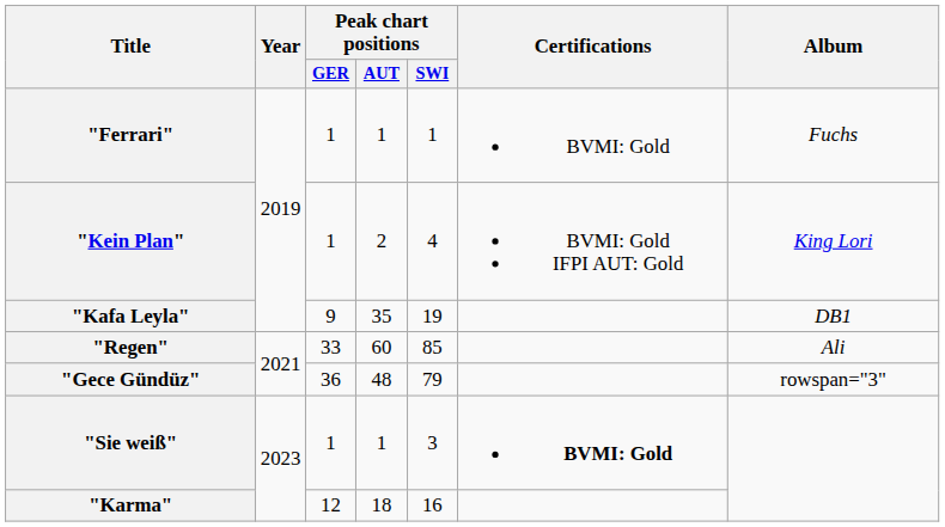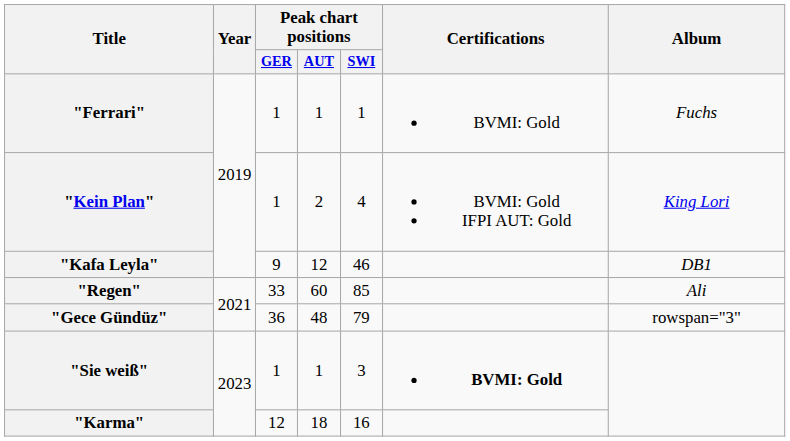 <table class="wikitable plainrowheaders" style="text-align:center;">
 <tr>
 <th scope="col" rowspan="2" style="width:12em;">Title</th>
 <th scope="col" rowspan="2" style="width:1em;">Year</th>
 <th scope="col" colspan="3">Peak chart positions</th>
 <th scope="col" rowspan="2" style="width:13em;">Certifications</th>
 <th scope="col" rowspan="2" style="width:10em;">Album</th>
 </tr>
 <tr>
 <th style="width:2.5em; font-size:85%"><a href='#'>GER</a><br></th>
 <th style="width:2.5em; font-size:85%"><a href='#'>AUT</a><br></th>
 <th style="width:2.5em; font-size:85%"><a href='#'>SWI</a><br></th>
 </tr>
 <tr>
 <th scope="row">"Ferrari"<br></th>
 <td rowspan="3">2019</td>
 <td>1</td>
 <td>1</td>
 <td>1</td>
 <td><br><ul><li>BVMI: Gold</li></ul></td>
 <td><em>Fuchs</em></td>
 </tr>
 <tr>
 <th scope="row">"<a href='#'>Kein Plan</a>"<br></th>
 <td>1</td>
 <td>2</td>
 <td>4</td>
 <td><br><ul><li>BVMI: Gold</li><li>IFPI AUT: Gold</li></ul></td>
 <td><em><a href='#'>King Lori</a></em></td>
 </tr>
 <tr>
 <th scope="row">"Kafa Leyla"<br></th>
 <td>9</td>
-<td>35</td>
-<td>19</td>
+<td>12</td>
+<td>46</td>
 <td></td>
 <td><em>DB1</em></td>
 </tr>
 <tr>
 <th scope="row">"Regen"<br></th>
 <td rowspan="2">2021</td>
 <td>33</td>
 <td>60</td>
 <td>85</td>
 <td></td>
 <td><em>Ali</em></td>
 </tr>
 <tr>
 <th scope="row">"Gece Gündüz"<br></th>
 <td>36</td>
 <td>48</td>
 <td>79</td>
 <td></td>
 <td>rowspan="3" </td>
 </tr>
 <tr>
 <th scope="row">"Sie weiß"<br></th>
 <td rowspan="2">2023</td>
 <td>1</td>
 <td>1</td>
 <td>3</td>
 <td><strong><br><ul><li>BVMI: Gold</li></ul></strong></td>
 </tr>
 <tr>
 <th scope="row">"Karma"<br></th>
 <td>12</td>
 <td>18</td>
 <td>16</td>
 <td></td>
 </tr>
 </table>
